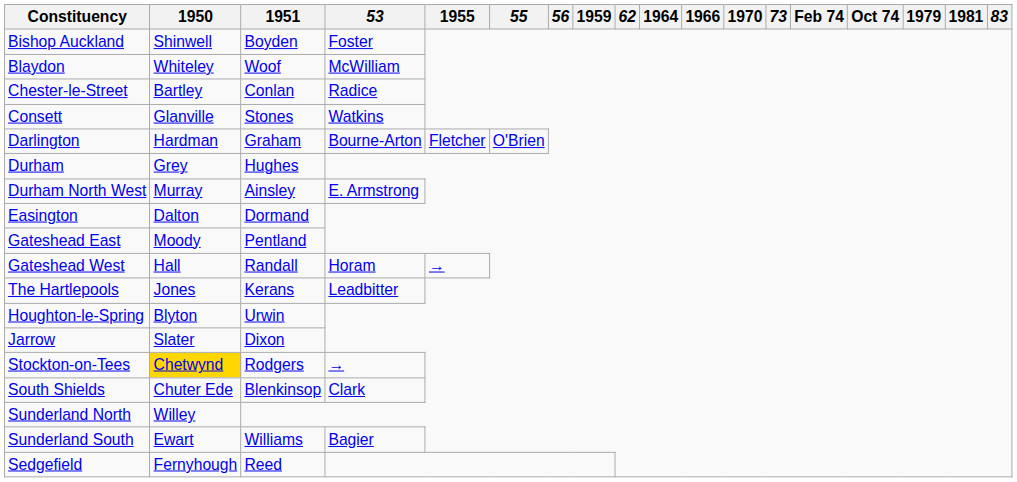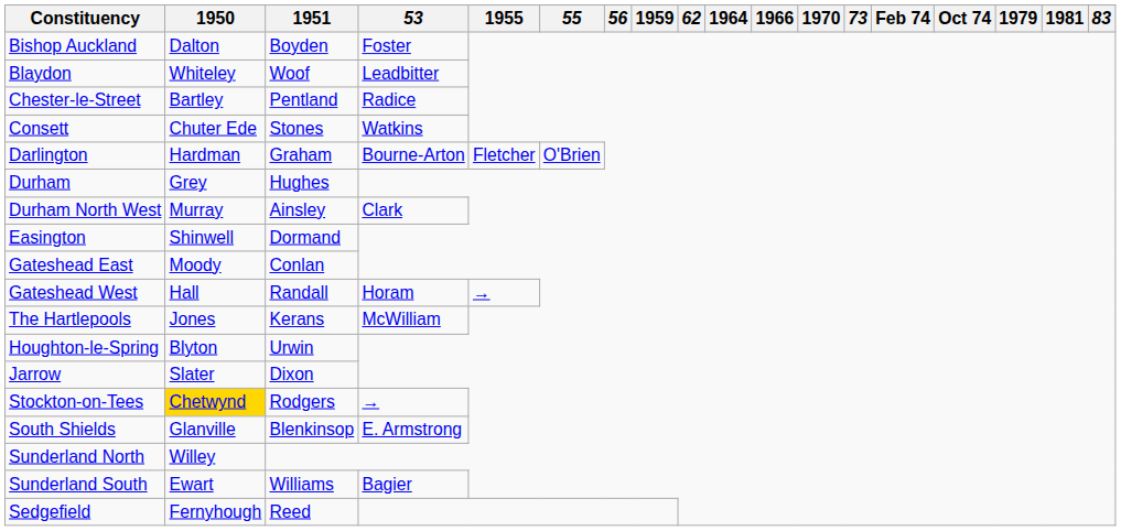 <table class="wikitable">
 <tr>
 <th>Constituency</th>
 <th>1950</th>
 <th>1951</th>
 <th><em>53</em></th>
 <th>1955</th>
 <th><em>55</em></th>
 <th><em>56</em></th>
 <th>1959</th>
 <th><em>62</em></th>
 <th>1964</th>
 <th>1966</th>
 <th>1970</th>
 <th><em>73</em></th>
 <th>Feb 74</th>
 <th>Oct 74</th>
 <th>1979</th>
 <th>1981</th>
 <th><em>83</em></th>
 </tr>
 <tr>
 <td><a href='#'>Bishop Auckland</a></td>
-<td><a href='#'>Shinwell</a></td>
+<td><a href='#'>Dalton</a></td>
 <td><a href='#'>Boyden</a></td>
 <td><a href='#'>Foster</a></td>
 </tr>
 <tr>
 <td><a href='#'>Blaydon</a></td>
 <td><a href='#'>Whiteley</a></td>
 <td><a href='#'>Woof</a></td>
-<td><a href='#'>McWilliam</a></td>
+<td><a href='#'>Leadbitter</a></td>
 </tr>
 <tr>
 <td><a href='#'>Chester-le-Street</a></td>
 <td><a href='#'>Bartley</a></td>
-<td><a href='#'>Conlan</a></td>
+<td><a href='#'>Pentland</a></td>
 <td><a href='#'>Radice</a></td>
 </tr>
 <tr>
 <td><a href='#'>Consett</a></td>
-<td><a href='#'>Glanville</a></td>
+<td><a href='#'>Chuter Ede</a></td>
 <td><a href='#'>Stones</a></td>
 <td><a href='#'>Watkins</a></td>
 </tr>
 <tr>
 <td><a href='#'>Darlington</a></td>
 <td><a href='#'>Hardman</a></td>
 <td><a href='#'>Graham</a></td>
 <td><a href='#'>Bourne-Arton</a></td>
 <td><a href='#'>Fletcher</a></td>
 <td><a href='#'>O'Brien</a></td>
 </tr>
 <tr>
 <td><a href='#'>Durham</a></td>
 <td><a href='#'>Grey</a></td>
 <td><a href='#'>Hughes</a></td>
 </tr>
 <tr>
 <td><a href='#'>Durham North West</a></td>
 <td><a href='#'>Murray</a></td>
 <td><a href='#'>Ainsley</a></td>
-<td><a href='#'>E. Armstrong</a></td>
+<td><a href='#'>Clark</a></td>
 </tr>
 <tr>
 <td><a href='#'>Easington</a></td>
-<td><a href='#'>Dalton</a></td>
+<td><a href='#'>Shinwell</a></td>
 <td><a href='#'>Dormand</a></td>
 </tr>
 <tr>
 <td><a href='#'>Gateshead East</a></td>
 <td><a href='#'>Moody</a></td>
-<td><a href='#'>Pentland</a></td>
+<td><a href='#'>Conlan</a></td>
 </tr>
 <tr>
 <td><a href='#'>Gateshead West</a></td>
 <td><a href='#'>Hall</a></td>
 <td><a href='#'>Randall</a></td>
 <td><a href='#'>Horam</a></td>
 <td><a href='#'>→</a></td>
 </tr>
 <tr>
 <td><a href='#'>The Hartlepools</a></td>
 <td><a href='#'>Jones</a></td>
 <td><a href='#'>Kerans</a></td>
-<td><a href='#'>Leadbitter</a></td>
+<td><a href='#'>McWilliam</a></td>
 </tr>
 <tr>
 <td><a href='#'>Houghton-le-Spring</a></td>
 <td><a href='#'>Blyton</a></td>
 <td><a href='#'>Urwin</a></td>
 </tr>
 <tr>
 <td><a href='#'>Jarrow</a></td>
 <td><a href='#'>Slater</a></td>
 <td><a href='#'>Dixon</a></td>
 </tr>
 <tr>
 <td><a href='#'>Stockton-on-Tees</a></td>
 <td style="background: gold;"><a href='#'>Chetwynd</a></td>
 <td><a href='#'>Rodgers</a></td>
 <td><a href='#'>→</a></td>
 </tr>
 <tr>
 <td><a href='#'>South Shields</a></td>
-<td><a href='#'>Chuter Ede</a></td>
+<td><a href='#'>Glanville</a></td>
 <td><a href='#'>Blenkinsop</a></td>
-<td><a href='#'>Clark</a></td>
+<td><a href='#'>E. Armstrong</a></td>
 </tr>
 <tr>
 <td><a href='#'>Sunderland North</a></td>
 <td><a href='#'>Willey</a></td>
 </tr>
 <tr>
 <td><a href='#'>Sunderland South</a></td>
 <td><a href='#'>Ewart</a></td>
 <td><a href='#'>Williams</a></td>
 <td><a href='#'>Bagier</a></td>
 </tr>
 <tr>
 <td><a href='#'>Sedgefield</a></td>
 <td><a href='#'>Fernyhough</a></td>
 <td><a href='#'>Reed</a></td>
 <td colspan="5"></td>
 </tr>
 </table>
